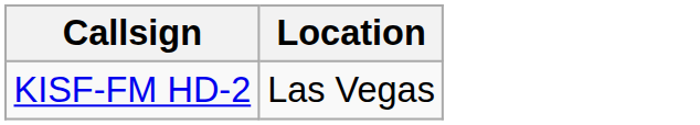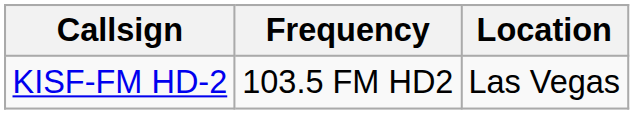 <table class="wikitable">
 <tr>
 <th>Callsign</th>
+<th>Frequency</th>
 <th>Location</th>
 </tr>
 <tr>
 <td><a href='#'>KISF-FM HD-2</a></td>
+<td>103.5 FM HD2</td>
 <td>Las Vegas</td>
 </tr>
 </table>
